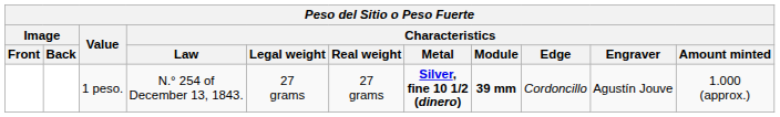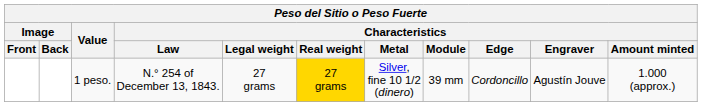 <table class="wikitable" align="center" style="font-size: 90%">
 <tr>
 <th colspan="11"><strong><em>Peso del Sitio<em> o </em>Peso Fuerte</em></strong></th>
 </tr>
 <tr>
 <th colspan="2">Image</th>
 <th rowspan="2">Value</th>
 <th colspan="8">Characteristics</th>
 </tr>
 <tr>
 <th>Front</th>
 <th>Back</th>
 <th>Law</th>
 <th>Legal weight</th>
 <th>Real weight</th>
 <th>Metal</th>
 <th>Module</th>
 <th>Edge</th>
 <th>Engraver</th>
 <th>Amount minted</th>
 </tr>
 <tr>
 <td align="center" bgcolor="#FFFFFF"></td>
 <td align="center" bgcolor="#FFFFFF"></td>
 <td style="text-align: center;">1 peso.</td>
 <td style="text-align: center;">N.° 254 of<br>December 13, 1843.</td>
 <td style="text-align: center;">27<br>grams</td>
-<td style="text-align: center;">27<br>grams</td>
-<td style="text-align: center;"><strong><a href='#'>Silver</a>,<br>fine 10 1/2<br>(<em>dinero</em>)</strong></td>
-<td style="text-align: center;"><strong>39 mm</strong></td>
+<td style="background: gold; text-align: center;">27<br>grams</td>
+<td style="text-align: center;"><a href='#'>Silver</a>,<br>fine 10 1/2<br>(<em>dinero</em>)</td>
+<td style="text-align: center;">39 mm</td>
 <td style="text-align: center;"><em>Cordoncillo</em></td>
 <td style="text-align: center;">Agustín Jouve</td>
 <td style="text-align: center;">1.000<br>(approx.)</td>
 </tr>
 </table>
